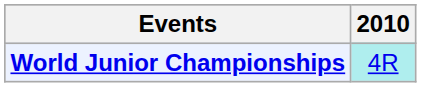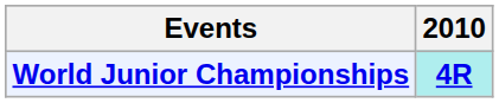 <table style='font-size: 90%; text-align:center;' class='wikitable'>
 <tr>
 <th>Events</th>
 <th>2010</th>
 </tr>
 <tr>
 <td bgcolor="#ECF2FF"; align="left"><strong><a href='#'>World Junior Championships</a></strong></td>
-<td bgcolor=AFEEEE><a href='#'>4R</a></td>
+<td bgcolor=AFEEEE><strong><a href='#'>4R</a></strong></td>
 </tr>
 </table>
